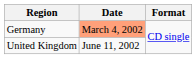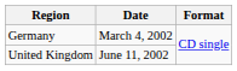 <table class="wikitable">
 <tr>
 <th>Region</th>
 <th>Date</th>
 <th>Format</th>
 </tr>
 <tr>
 <td>Germany</td>
-<td style="background: lightsalmon;">March 4, 2002</td>
+<td>March 4, 2002</td>
 <td rowspan="2"><a href='#'>CD single</a></td>
 </tr>
 <tr>
 <td>United Kingdom</td>
 <td>June 11, 2002</td>
 </tr>
 </table>
